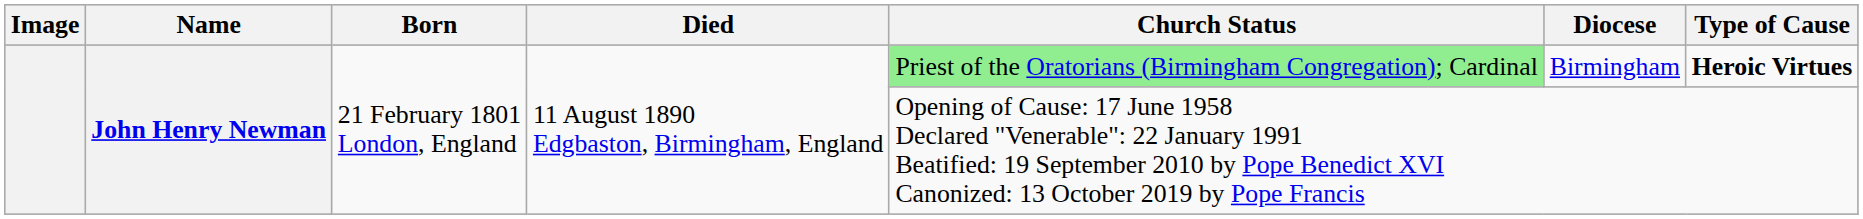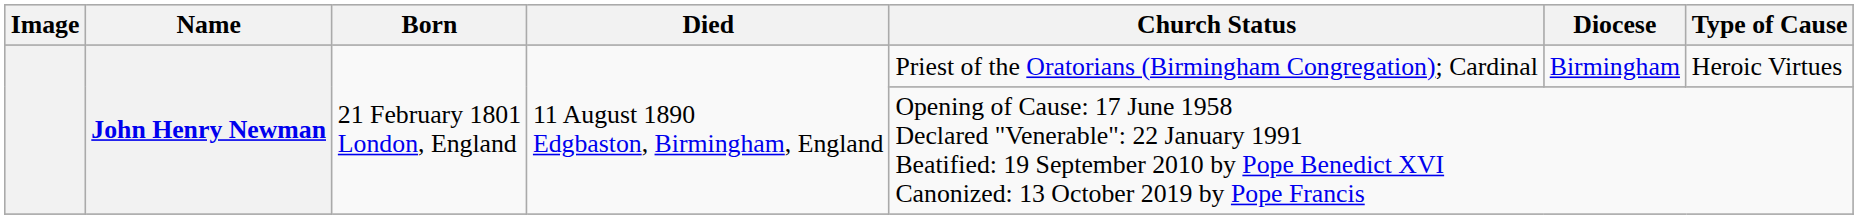 <table class="wikitable">
 <tr>
 <th class="unportable">Image</th>
 <th>Name</th>
 <th>Born</th>
 <th>Died</th>
 <th>Church Status</th>
 <th>Diocese</th>
 <th>Type of Cause</th>
 </tr>
 <tr>
 <th scope="row" rowspan="2"></th>
 <th rowspan="2"><a href='#'>John Henry Newman</a></th>
 <td rowspan="2">21 February 1801 <br><a href='#'>London</a>, England</td>
 <td rowspan="2">11 August 1890 <br><a href='#'>Edgbaston</a>, <a href='#'>Birmingham</a>, England</td>
-<td style="background: lightgreen;">Priest of the <a href='#'>Oratorians (Birmingham Congregation)</a>; Cardinal</td>
+<td>Priest of the <a href='#'>Oratorians (Birmingham Congregation)</a>; Cardinal</td>
 <td><a href='#'>Birmingham</a></td>
-<td><strong>Heroic Virtues</strong></td>
+<td>Heroic Virtues</td>
 </tr>
 <tr>
 <td colspan="3">Opening of Cause: 17 June 1958 <br>Declared "Venerable": 22 January 1991 <br>Beatified: 19 September 2010 by <a href='#'>Pope Benedict XVI</a> <br>Canonized: 13 October 2019 by <a href='#'>Pope Francis</a></td>
 </tr>
 </table>
